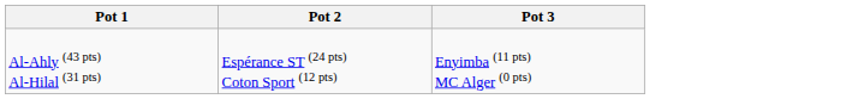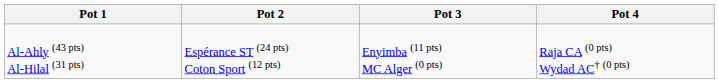 <table class="wikitable">
 <tr>
 <th width=220>Pot 1</th>
 <th width=220>Pot 2</th>
 <th width=220>Pot 3</th>
+<th width=220>Pot 4</th>
 </tr>
 <tr>
 <td><br> <a href='#'>Al-Ahly</a> <sup>(43 pts)</sup><br>  <a href='#'>Al-Hilal</a> <sup>(31 pts)</sup></td>
 <td><br> <a href='#'>Espérance ST</a> <sup>(24 pts)</sup><br>  <a href='#'>Coton Sport</a> <sup>(12 pts)</sup></td>
 <td><br> <a href='#'>Enyimba</a> <sup>(11 pts)</sup><br>  <a href='#'>MC Alger</a> <sup>(0 pts)</sup><br></td>
+<td><br> <a href='#'>Raja CA</a> <sup>(0 pts)</sup><br>  <a href='#'>Wydad AC</a><sup>†</sup> <sup>(0 pts)</sup></td>
 </tr>
 </table>
